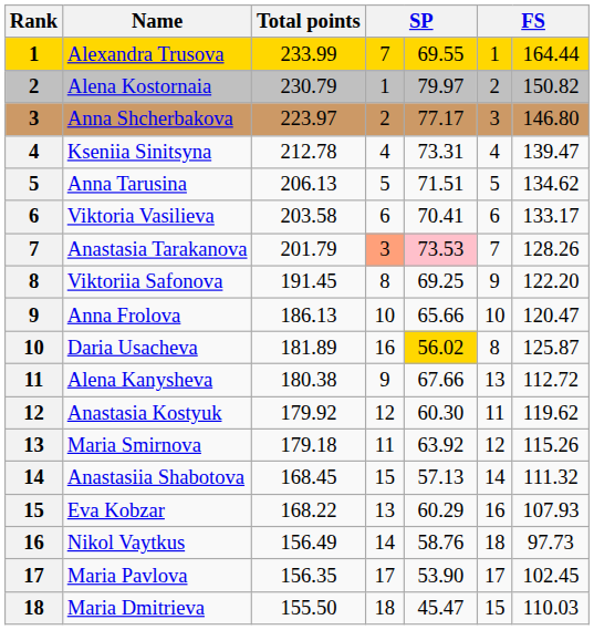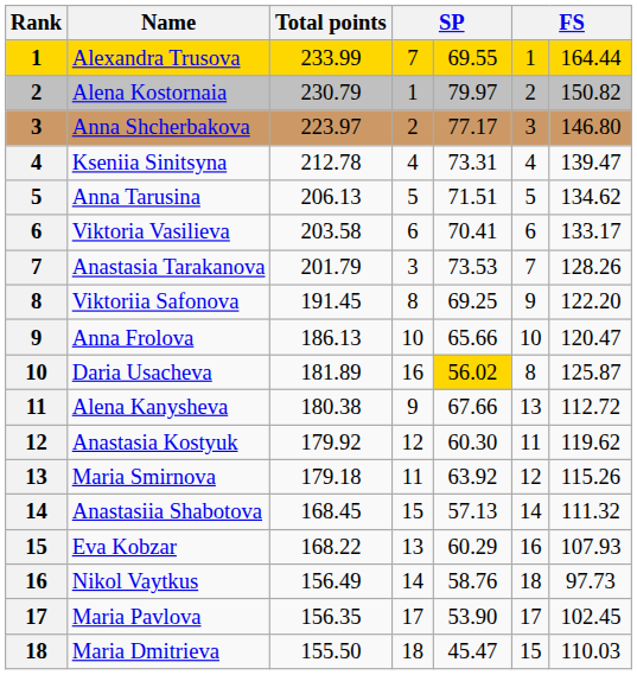 <table class="wikitable sortable">
 <tr>
 <th>Rank</th>
 <th>Name</th>
 <th>Total points</th>
 <th colspan="2" width="80px"><a href='#'>SP</a></th>
 <th colspan="2" width="80px"><a href='#'>FS</a></th>
 </tr>
 <tr bgcolor="gold">
 <td align="center"><strong>1</strong></td>
 <td><a href='#'>Alexandra Trusova</a></td>
 <td align="center">233.99</td>
 <td align="center">7</td>
 <td align="center">69.55</td>
 <td align="center">1</td>
 <td align="center">164.44</td>
 </tr>
 <tr bgcolor="silver">
 <td align="center"><strong>2</strong></td>
 <td><a href='#'>Alena Kostornaia</a></td>
 <td align="center">230.79</td>
 <td align="center">1</td>
 <td align="center">79.97</td>
 <td align="center">2</td>
 <td align="center">150.82</td>
 </tr>
 <tr bgcolor="cc9966">
 <td align="center"><strong>3</strong></td>
 <td><a href='#'>Anna Shcherbakova</a></td>
 <td align="center">223.97</td>
 <td align="center">2</td>
 <td align="center">77.17</td>
 <td align="center">3</td>
 <td align="center">146.80</td>
 </tr>
 <tr>
 <th>4</th>
 <td><a href='#'>Kseniia Sinitsyna</a></td>
 <td align="center">212.78</td>
 <td align="center">4</td>
 <td align="center">73.31</td>
 <td align="center">4</td>
 <td align="center">139.47</td>
 </tr>
 <tr>
 <th>5</th>
 <td><a href='#'>Anna Tarusina</a></td>
 <td align="center">206.13</td>
 <td align="center">5</td>
 <td align="center">71.51</td>
 <td align="center">5</td>
 <td align="center">134.62</td>
 </tr>
 <tr>
 <th>6</th>
 <td><a href='#'>Viktoria Vasilieva</a></td>
 <td align="center">203.58</td>
 <td align="center">6</td>
 <td align="center">70.41</td>
 <td align="center">6</td>
 <td align="center">133.17</td>
 </tr>
 <tr>
 <th>7</th>
 <td><a href='#'>Anastasia Tarakanova</a></td>
 <td align="center">201.79</td>
-<td align="center" style="background: lightsalmon;">3</td>
-<td align="center" style="background: pink;">73.53</td>
+<td align="center">3</td>
+<td align="center">73.53</td>
 <td align="center">7</td>
 <td align="center">128.26</td>
 </tr>
 <tr>
 <th>8</th>
 <td><a href='#'>Viktoriia Safonova</a></td>
 <td align="center">191.45</td>
 <td align="center">8</td>
 <td align="center">69.25</td>
 <td align="center">9</td>
 <td align="center">122.20</td>
 </tr>
 <tr>
 <th>9</th>
 <td><a href='#'>Anna Frolova</a></td>
 <td align="center">186.13</td>
 <td align="center">10</td>
 <td align="center">65.66</td>
 <td align="center">10</td>
 <td align="center">120.47</td>
 </tr>
 <tr>
 <th>10</th>
 <td><a href='#'>Daria Usacheva</a></td>
 <td align="center">181.89</td>
 <td align="center">16</td>
 <td align="center" style="background: gold;">56.02</td>
 <td align="center">8</td>
 <td align="center">125.87</td>
 </tr>
 <tr>
 <th>11</th>
 <td><a href='#'>Alena Kanysheva</a></td>
 <td align="center">180.38</td>
 <td align="center">9</td>
 <td align="center">67.66</td>
 <td align="center">13</td>
 <td align="center">112.72</td>
 </tr>
 <tr>
 <th>12</th>
 <td><a href='#'>Anastasia Kostyuk</a></td>
 <td align="center">179.92</td>
 <td align="center">12</td>
 <td align="center">60.30</td>
 <td align="center">11</td>
 <td align="center">119.62</td>
 </tr>
 <tr>
 <th>13</th>
 <td><a href='#'>Maria Smirnova</a></td>
 <td align="center">179.18</td>
 <td align="center">11</td>
 <td align="center">63.92</td>
 <td align="center">12</td>
 <td align="center">115.26</td>
 </tr>
 <tr>
 <th>14</th>
 <td><a href='#'>Anastasiia Shabotova</a></td>
 <td align="center">168.45</td>
 <td align="center">15</td>
 <td align="center">57.13</td>
 <td align="center">14</td>
 <td align="center">111.32</td>
 </tr>
 <tr>
 <th>15</th>
 <td><a href='#'>Eva Kobzar</a></td>
 <td align="center">168.22</td>
 <td align="center">13</td>
 <td align="center">60.29</td>
 <td align="center">16</td>
 <td align="center">107.93</td>
 </tr>
 <tr>
 <th>16</th>
 <td><a href='#'>Nikol Vaytkus</a></td>
 <td align="center">156.49</td>
 <td align="center">14</td>
 <td align="center">58.76</td>
 <td align="center">18</td>
 <td align="center">97.73</td>
 </tr>
 <tr>
 <th>17</th>
 <td><a href='#'>Maria Pavlova</a></td>
 <td align="center">156.35</td>
 <td align="center">17</td>
 <td align="center">53.90</td>
 <td align="center">17</td>
 <td align="center">102.45</td>
 </tr>
 <tr>
 <th>18</th>
 <td><a href='#'>Maria Dmitrieva</a></td>
 <td align="center">155.50</td>
 <td align="center">18</td>
 <td align="center">45.47</td>
 <td align="center">15</td>
 <td align="center">110.03</td>
 </tr>
 </table>
